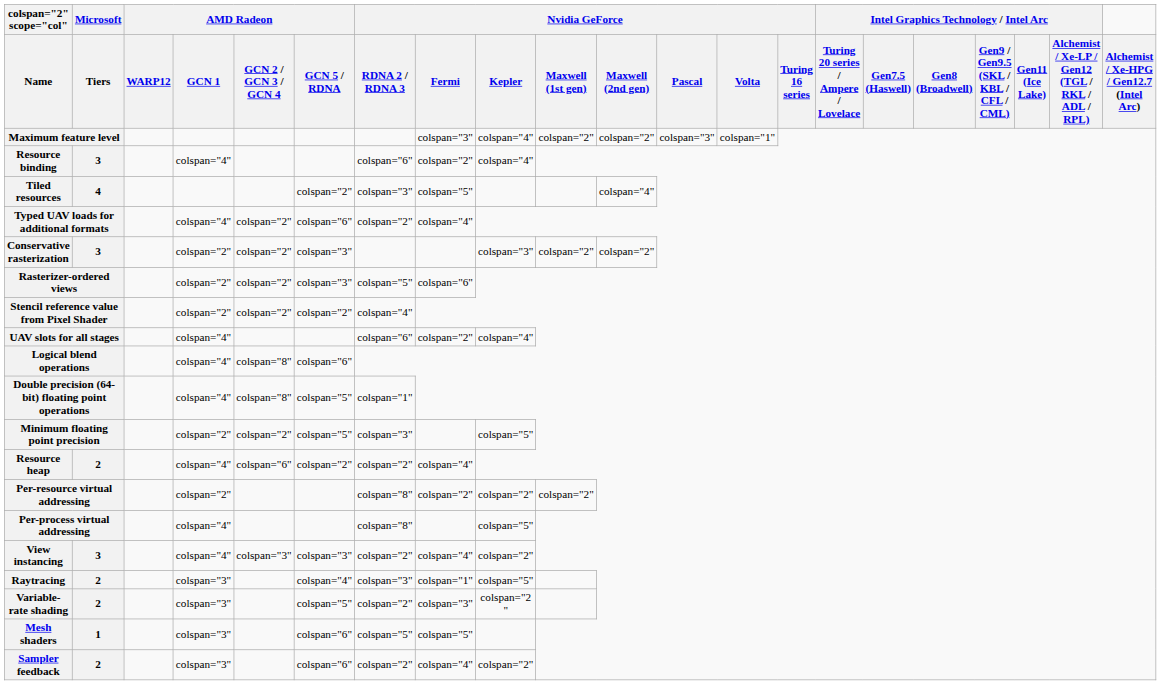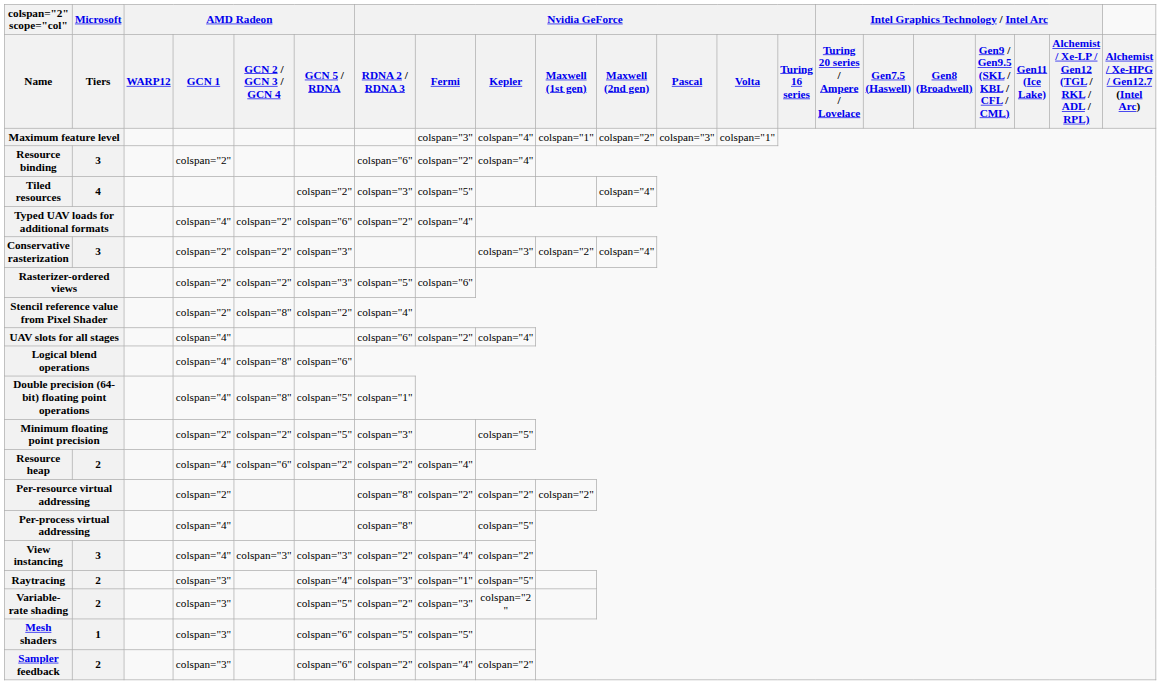 <table class="wikitable plainrowheaders"  style="text-align: center;">
 <tr>
 <th>colspan="2" scope="col" </th>
 <th scope="col"><a href='#'>Microsoft</a></th>
 <th colspan="4" scope="col"><a href='#'>AMD Radeon</a></th>
 <th colspan="8" scope="col"><a href='#'>Nvidia GeForce</a></th>
 <th colspan="6" scope="col"><a href='#'>Intel Graphics Technology</a> / <a href='#'>Intel Arc</a></th>
 </tr>
 <tr>
 <th scope="col">Name</th>
 <th scope="col">Tiers</th>
 <th scope="col"><a href='#'>WARP12</a></th>
 <th scope="col"><a href='#'>GCN 1</a></th>
 <th scope="col"><a href='#'>GCN 2</a> / <a href='#'>GCN 3</a> / <a href='#'>GCN 4</a></th>
 <th scope="col"><a href='#'>GCN 5</a> / <a href='#'>RDNA</a></th>
 <th scope="col"><a href='#'>RDNA 2</a> / <a href='#'>RDNA 3</a></th>
 <th scope="col"><a href='#'>Fermi</a></th>
 <th scope="col"><a href='#'>Kepler</a></th>
 <th scope="col"><a href='#'>Maxwell <br> (1st gen)</a></th>
 <th scope="col"><a href='#'>Maxwell <br> (2nd gen)</a></th>
 <th scope="col"><a href='#'>Pascal</a></th>
 <th scope="col"><a href='#'>Volta</a></th>
 <th scope="col"><a href='#'>Turing</a> <a href='#'>16 series</a></th>
 <th scope="col"><a href='#'>Turing</a> <a href='#'>20 series</a> / <a href='#'>Ampere</a> / <a href='#'>Lovelace</a></th>
 <th scope="col"><a href='#'>Gen7.5</a><br><a href='#'>(Haswell)</a></th>
 <th scope="col"><a href='#'>Gen8</a><br><a href='#'>(Broadwell)</a></th>
 <th scope="col"><a href='#'>Gen9</a> / <a href='#'>Gen9.5</a><br><a href='#'>(SKL</a> / <a href='#'>KBL</a> / <a href='#'>CFL</a> / <a href='#'>CML)</a></th>
 <th scope="col"><a href='#'>Gen11</a><br><a href='#'>(Ice Lake)</a></th>
 <th scope="col"><a href='#'>Alchemist / Xe-LP / Gen12</a><br><a href='#'>(TGL</a> / <a href='#'>RKL</a> / <a href='#'>ADL</a> / <a href='#'>RPL)</a></th>
 <th scope="col"><a href='#'>Alchemist / Xe-HPG / Gen12.7</a><br>(<a href='#'>Intel Arc</a>)</th>
 </tr>
 <tr>
 <th colspan="2" scope="row">Maximum feature level</th>
 <td></td>
 <td></td>
 <td></td>
 <td></td>
 <td></td>
 <td>colspan="3" </td>
 <td>colspan="4" </td>
-<td>colspan="2" </td>
+<td>colspan="1" </td>
 <td>colspan="2" </td>
 <td>colspan="3" </td>
 <td>colspan="1" </td>
 </tr>
 <tr>
 <th scope="row">Resource binding</th>
 <th>3</th>
 <td></td>
-<td>colspan="4" </td>
+<td>colspan="2" </td>
 <td></td>
 <td></td>
 <td>colspan="6" </td>
 <td>colspan="2" </td>
 <td>colspan="4" </td>
 </tr>
 <tr>
 <th scope="row">Tiled resources</th>
 <th>4</th>
 <td></td>
 <td></td>
 <td></td>
 <td>colspan="2" </td>
 <td>colspan="3" </td>
 <td>colspan="5" </td>
 <td></td>
 <td></td>
 <td>colspan="4" </td>
 </tr>
 <tr>
 <th colspan="2" scope="row">Typed UAV loads for additional formats</th>
 <td></td>
 <td>colspan="4" </td>
 <td>colspan="2" </td>
 <td>colspan="6" </td>
 <td>colspan="2" </td>
 <td>colspan="4" </td>
 </tr>
 <tr>
 <th scope="row">Conservative rasterization</th>
 <th>3</th>
 <td></td>
 <td>colspan="2" </td>
 <td>colspan="2" </td>
 <td>colspan="3" </td>
 <td></td>
 <td></td>
 <td>colspan="3" </td>
 <td>colspan="2" </td>
-<td>colspan="2" </td>
+<td>colspan="4" </td>
 </tr>
 <tr>
 <th colspan="2" scope="row">Rasterizer-ordered views</th>
 <td></td>
 <td>colspan="2" </td>
 <td>colspan="2" </td>
 <td>colspan="3" </td>
 <td>colspan="5" </td>
 <td>colspan="6" </td>
 </tr>
 <tr>
 <th colspan="2" scope="row">Stencil reference value from Pixel Shader</th>
 <td></td>
 <td>colspan="2" </td>
-<td>colspan="2" </td>
+<td>colspan="8" </td>
 <td>colspan="2" </td>
 <td>colspan="4" </td>
 </tr>
 <tr>
 <th colspan="2" scope="row">UAV slots for all stages</th>
 <td></td>
 <td>colspan="4" </td>
 <td></td>
 <td></td>
 <td>colspan="6" </td>
 <td>colspan="2" </td>
 <td>colspan="4" </td>
 </tr>
 <tr>
 <th colspan="2" scope="row">Logical blend operations</th>
 <td></td>
 <td>colspan="4" </td>
 <td>colspan="8" </td>
 <td>colspan="6" </td>
 </tr>
 <tr>
 <th colspan="2" scope="row">Double precision (64-bit) floating point operations</th>
 <td></td>
 <td>colspan="4" </td>
 <td>colspan="8" </td>
 <td>colspan="5" </td>
 <td>colspan="1" </td>
 </tr>
 <tr>
 <th colspan="2" scope="row">Minimum floating point precision</th>
 <td></td>
 <td>colspan="2" </td>
 <td>colspan="2" </td>
 <td>colspan="5" </td>
 <td>colspan="3" </td>
 <td></td>
 <td>colspan="5" </td>
 </tr>
 <tr>
 <th scope="row">Resource heap</th>
 <th>2</th>
 <td></td>
 <td>colspan="4" </td>
 <td>colspan="6" </td>
 <td>colspan="2" </td>
 <td>colspan="2" </td>
 <td>colspan="4" </td>
 </tr>
 <tr>
 <th colspan="2" scope="row">Per-resource virtual addressing</th>
 <td></td>
 <td>colspan="2" </td>
 <td></td>
 <td></td>
 <td>colspan="8" </td>
 <td>colspan="2" </td>
 <td>colspan="2" </td>
 <td>colspan="2" </td>
 </tr>
 <tr>
 <th colspan="2" scope="row">Per-process virtual addressing</th>
 <td></td>
 <td>colspan="4" </td>
 <td></td>
 <td></td>
 <td>colspan="8" </td>
 <td></td>
 <td>colspan="5" </td>
 </tr>
 <tr>
 <th scope="row">View instancing</th>
 <th>3</th>
 <td></td>
 <td>colspan="4" </td>
 <td>colspan="3" </td>
 <td>colspan="3" </td>
 <td>colspan="2" </td>
 <td>colspan="4" </td>
 <td>colspan="2" </td>
 </tr>
 <tr>
 <th scope="row">Raytracing</th>
 <th>2</th>
 <td></td>
 <td>colspan="3" </td>
 <td></td>
 <td>colspan="4" </td>
 <td>colspan="3" </td>
 <td>colspan="1" </td>
 <td>colspan="5" </td>
 <td></td>
 </tr>
 <tr>
 <th scope="row">Variable-rate shading</th>
 <th>2</th>
 <td></td>
 <td>colspan="3" </td>
 <td></td>
 <td>colspan="5" </td>
 <td>colspan="2" </td>
 <td>colspan="3" </td>
 <td>colspan="2 "</td>
 <td></td>
 </tr>
 <tr>
 <th scope="row"><a href='#'>Mesh</a> shaders</th>
 <th>1</th>
 <td></td>
 <td>colspan="3" </td>
 <td></td>
 <td>colspan="6" </td>
 <td>colspan="5" </td>
 <td>colspan="5" </td>
 <td></td>
 </tr>
 <tr>
 <th scope="row"><a href='#'>Sampler</a> feedback</th>
 <th>2</th>
 <td></td>
 <td>colspan="3" </td>
 <td></td>
 <td>colspan="6" </td>
 <td>colspan="2" </td>
 <td>colspan="4" </td>
 <td>colspan="2" </td>
 </tr>
 </table>
